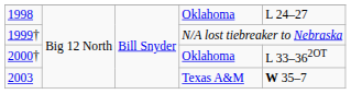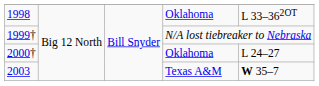 <table class="wikitable">
 <tr>
 </tr>
 <tr>
 <td><a href='#'>1998</a></td>
 <td rowspan="4">Big 12 North</td>
 <td rowspan="4"><a href='#'>Bill Snyder</a></td>
 <td><a href='#'>Oklahoma</a></td>
-<td>L 24–27</td>
+<td>L 33–36<sup>2OT</sup></td>
 </tr>
 <tr>
 <td><a href='#'>1999</a>†</td>
 <td colspan=2><em>N/A lost tiebreaker to <a href='#'>Nebraska</a></em></td>
 </tr>
 <tr>
 <td><a href='#'>2000</a>†</td>
 <td><a href='#'>Oklahoma</a></td>
-<td>L 33–36<sup>2OT</sup></td>
+<td>L 24–27</td>
 </tr>
 <tr>
 <td><a href='#'>2003</a></td>
 <td><a href='#'>Texas A&M</a></td>
 <td><strong>W</strong> 35–7</td>
 </tr>
 </table>
